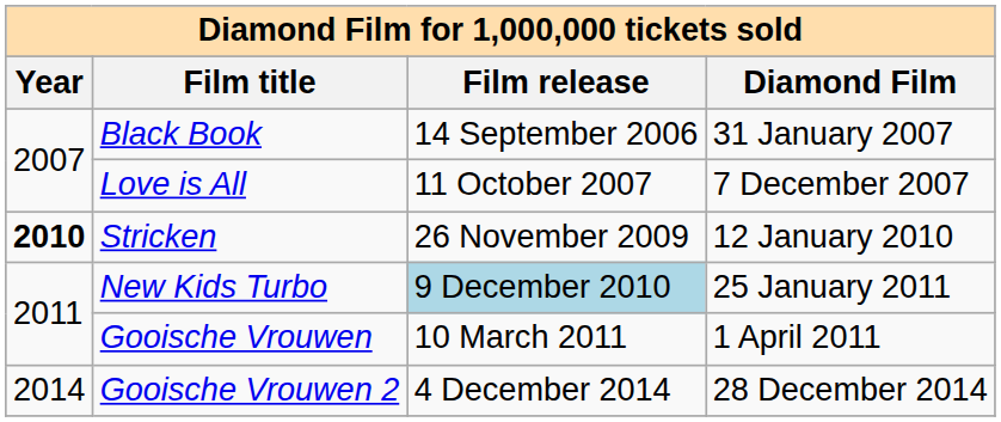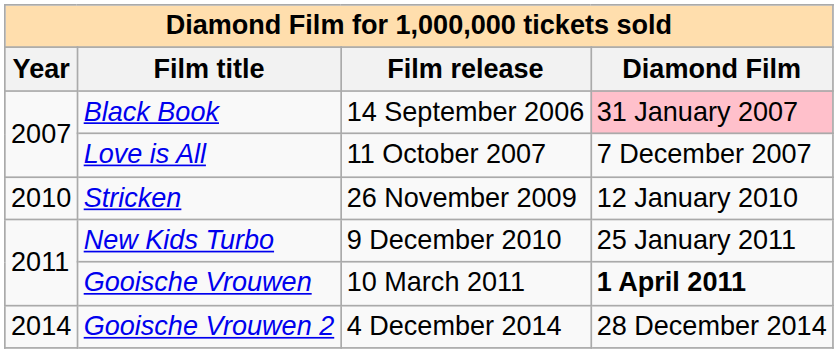 <table class="wikitable">
 <tr>
 <th colspan="4" style="background: #ffdead;">Diamond Film for 1,000,000 tickets sold</th>
 </tr>
 <tr>
 <th>Year</th>
 <th>Film title</th>
 <th>Film release</th>
 <th>Diamond Film</th>
 </tr>
 <tr>
 <td rowspan="2">2007</td>
 <td><em><a href='#'>Black Book</a></em></td>
 <td>14 September 2006</td>
-<td>31 January 2007</td>
+<td style="background: pink;">31 January 2007</td>
 </tr>
 <tr>
 <td><em><a href='#'>Love is All</a></em></td>
 <td>11 October 2007</td>
 <td>7 December 2007</td>
 </tr>
 <tr>
-<td><strong>2010</strong></td>
+<td>2010</td>
 <td><em><a href='#'>Stricken</a></em></td>
 <td>26 November 2009</td>
 <td>12 January 2010</td>
 </tr>
 <tr>
 <td rowspan="2">2011</td>
 <td><em><a href='#'>New Kids Turbo</a></em></td>
-<td style="background: lightblue;">9 December 2010</td>
+<td>9 December 2010</td>
 <td>25 January 2011</td>
 </tr>
 <tr>
 <td><em><a href='#'>Gooische Vrouwen</a></em></td>
 <td>10 March 2011</td>
-<td>1 April 2011</td>
+<td><strong>1 April 2011</strong></td>
 </tr>
 <tr>
 <td>2014</td>
 <td><em><a href='#'>Gooische Vrouwen 2</a></em></td>
 <td>4 December 2014</td>
 <td>28 December 2014 </td>
 </tr>
 </table>
